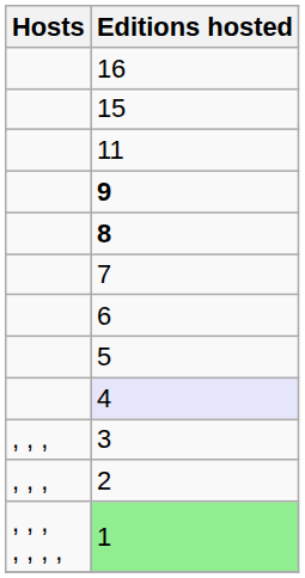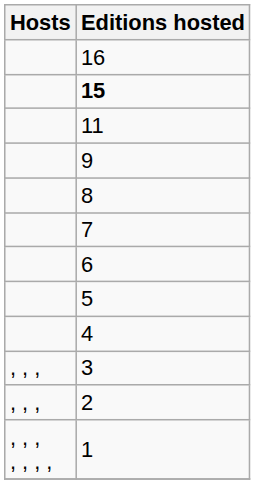 <table class="wikitable" style="font-size:90%;">
 <tr>
 <th>Hosts</th>
 <th>Editions hosted</th>
 </tr>
 <tr>
 <td></td>
 <td>16</td>
 </tr>
 <tr>
 <td></td>
-<td>15</td>
+<td><strong>15</strong></td>
 </tr>
 <tr>
 <td></td>
 <td>11</td>
 </tr>
 <tr>
 <td></td>
-<td><strong>9</strong></td>
+<td>9</td>
 </tr>
 <tr>
 <td></td>
-<td><strong>8</strong></td>
+<td>8</td>
 </tr>
 <tr>
 <td></td>
 <td>7</td>
 </tr>
 <tr>
 <td></td>
 <td>6</td>
 </tr>
 <tr>
 <td></td>
 <td>5</td>
 </tr>
 <tr>
 <td></td>
-<td style="background: lavender;">4</td>
+<td>4</td>
 </tr>
 <tr>
 <td>, , , </td>
 <td>3</td>
 </tr>
 <tr>
 <td>, , , </td>
 <td>2</td>
 </tr>
 <tr>
 <td>, , , <br>, , , , </td>
-<td style="background: lightgreen;">1</td>
+<td>1</td>
 </tr>
 <tr>
 </tr>
 </table>
